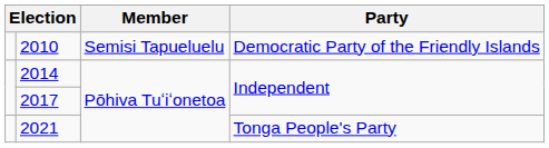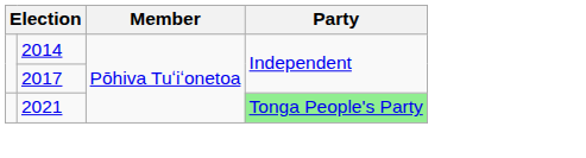 <table class="wikitable">
 <tr>
 <th colspan="2">Election</th>
 <th>Member</th>
 <th>Party</th>
-</tr>
-<tr>
-<td style="background-color: "></td>
-<td><a href='#'>2010</a></td>
-<td><a href='#'>Semisi Tapueluelu</a></td>
-<td><a href='#'>Democratic Party of the Friendly Islands</a></td>
 </tr>
 <tr>
 <td rowspan="2" style="background-color: "></td>
 <td><a href='#'>2014</a></td>
 <td rowspan="3"><a href='#'>Pōhiva Tuʻiʻonetoa</a></td>
 <td rowspan="2"><a href='#'>Independent</a></td>
 </tr>
 <tr>
 <td><a href='#'>2017</a></td>
 </tr>
 <tr>
 <td style="background-color: "></td>
 <td><a href='#'>2021</a></td>
-<td><a href='#'>Tonga People's Party</a></td>
+<td style="background: lightgreen;"><a href='#'>Tonga People's Party</a></td>
 </tr>
 </table>
